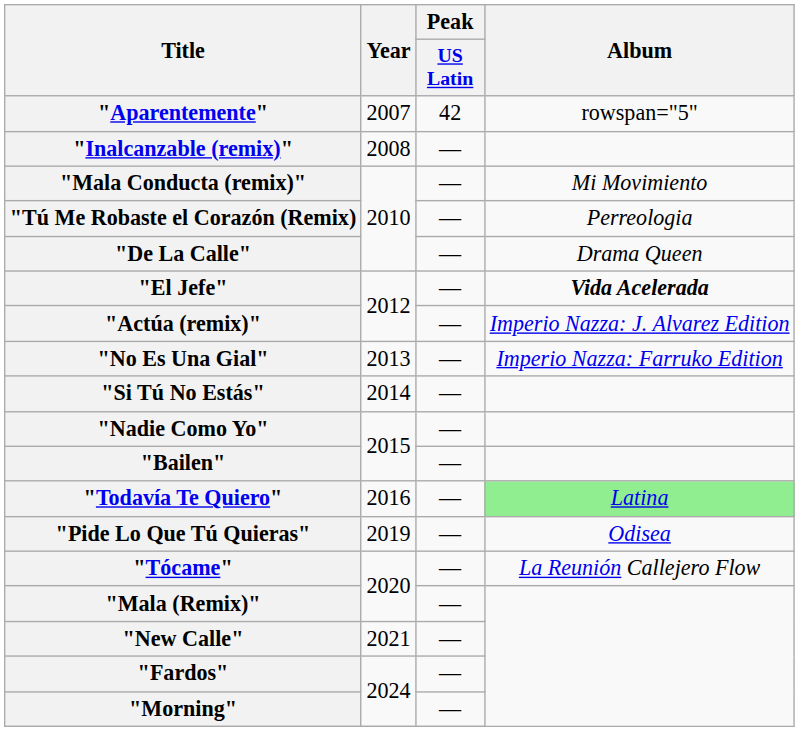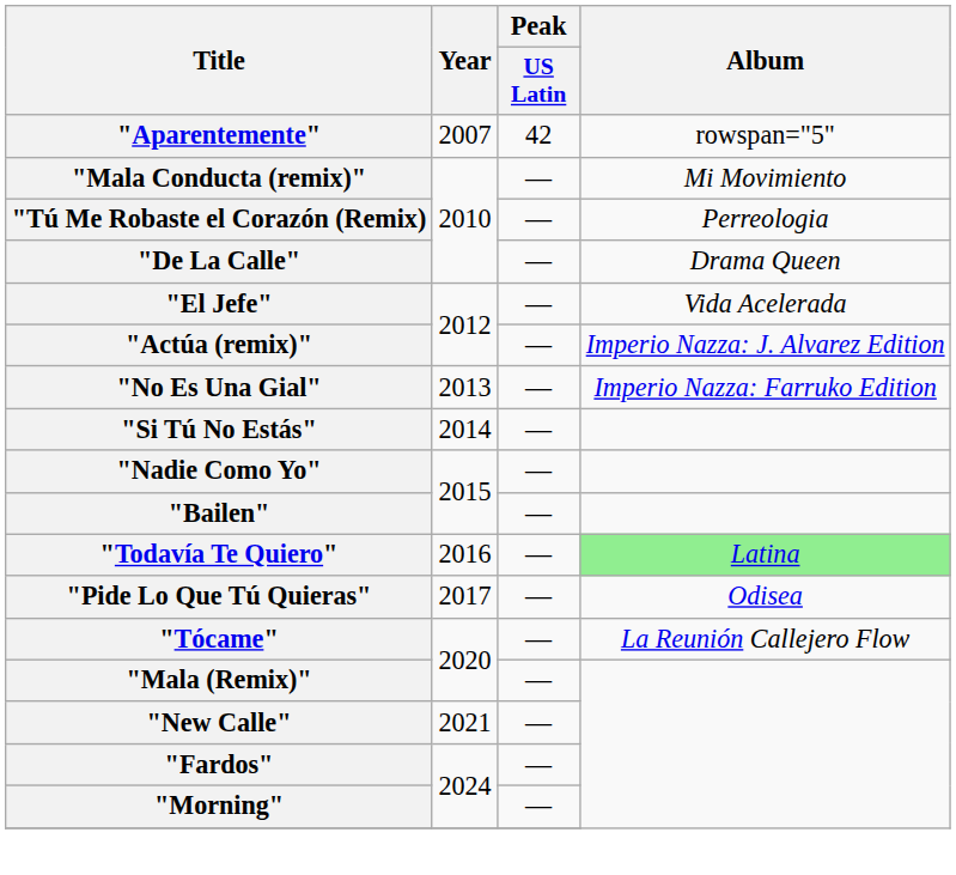 <table class="wikitable plainrowheaders" style="text-align:center;">
 <tr>
 <th scope="col" rowspan="2">Title</th>
 <th scope="col" rowspan="2">Year</th>
 <th scope="col" colspan="1">Peak</th>
 <th scope="col" rowspan="2">Album</th>
 </tr>
 <tr>
 <th scope="col" style="width:3em;font-size:90%;"><a href='#'>US<br>Latin</a><br></th>
 </tr>
 <tr>
 <th scope="row">"<a href='#'>Aparentemente</a>"<br></th>
 <td>2007</td>
 <td>42</td>
 <td>rowspan="5" </td>
-</tr>
-<tr>
-<th scope="row">"<a href='#'>Inalcanzable (remix)</a>"<br></th>
-<td>2008</td>
-<td>—</td>
-<td></td>
 </tr>
 <tr>
 <th scope="row">"Mala Conducta (remix)"<br></th>
 <td rowspan="3">2010</td>
 <td>—</td>
 <td><em>Mi Movimiento</em></td>
 </tr>
 <tr>
 <th scope="row">"Tú Me Robaste el Corazón (Remix)<br></th>
 <td>—</td>
 <td><em>Perreologia</em></td>
 </tr>
 <tr>
 <th scope="row">"De La Calle"<br></th>
 <td>—</td>
 <td><em>Drama Queen</em></td>
 </tr>
 <tr>
 <th scope="row">"El Jefe"<br></th>
 <td rowspan="2">2012</td>
 <td>—</td>
-<td><strong><em>Vida Acelerada</em></strong></td>
+<td><em>Vida Acelerada</em></td>
 </tr>
 <tr>
 <th scope="row">"Actúa (remix)"<br></th>
 <td>—</td>
 <td><em><a href='#'>Imperio Nazza: J. Alvarez Edition</a></em></td>
 </tr>
 <tr>
 <th scope="row">"No Es Una Gial"<br></th>
 <td>2013</td>
 <td>—</td>
 <td><em><a href='#'>Imperio Nazza: Farruko Edition</a></em></td>
 </tr>
 <tr>
 <th scope="row">"Si Tú No Estás"<br></th>
 <td>2014</td>
 <td>—</td>
 <td></td>
 </tr>
 <tr>
 <th scope="row">"Nadie Como Yo"<br></th>
 <td rowspan="2">2015</td>
 <td>—</td>
 <td></td>
 </tr>
 <tr>
 <th scope="row">"Bailen"<br></th>
 <td>—</td>
 <td></td>
 </tr>
 <tr>
 <th scope="row">"<a href='#'>Todavía Te Quiero</a>"<br></th>
 <td>2016</td>
 <td>—</td>
 <td style="background: lightgreen;"><em><a href='#'>Latina</a></em></td>
 </tr>
 <tr>
 <th scope="row">"Pide Lo Que Tú Quieras"<br></th>
-<td>2019</td>
+<td>2017</td>
 <td>—</td>
 <td><em><a href='#'>Odisea</a></em></td>
 </tr>
 <tr>
 <th scope="row">"<a href='#'>Tócame</a>"<br></th>
 <td rowspan="2">2020</td>
 <td>—</td>
 <td><em><a href='#'>La Reunión</a> Callejero Flow</em></td>
 </tr>
 <tr>
 <th scope="row">"Mala (Remix)"<br></th>
 <td>—</td>
 </tr>
 <tr>
 <th scope="row">"New Calle"<br></th>
 <td>2021</td>
 <td>—</td>
 </tr>
 <tr>
 <th scope="row">"Fardos"<br></th>
 <td rowspan="2">2024</td>
 <td>—</td>
 </tr>
 <tr>
 <th scope="row">"Morning"<br></th>
 <td>—</td>
 </tr>
 <tr>
 </tr>
 </table>
